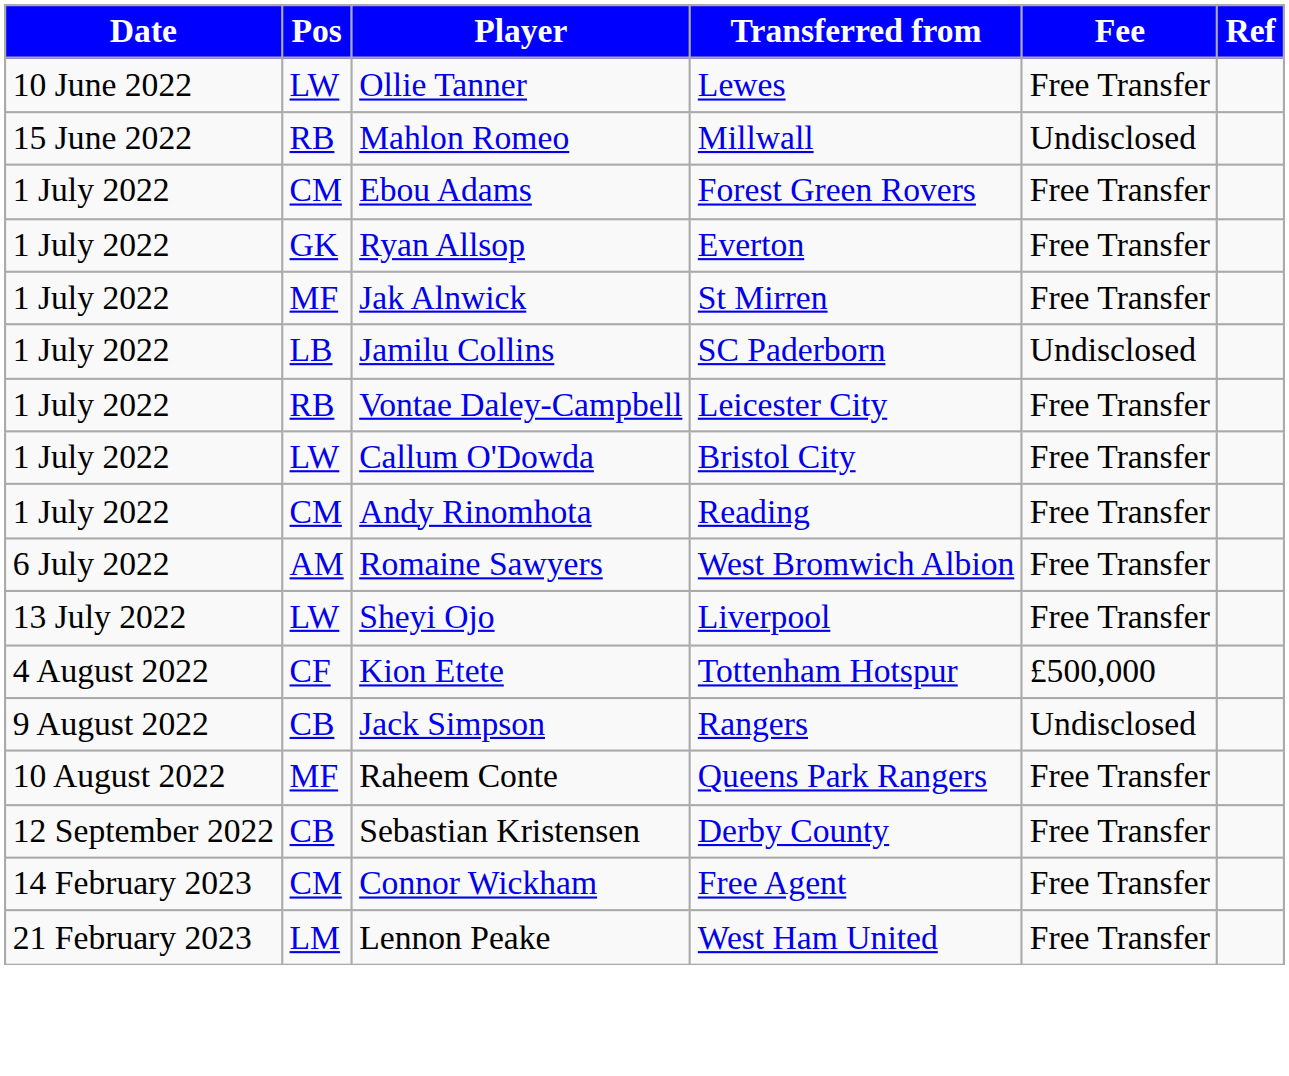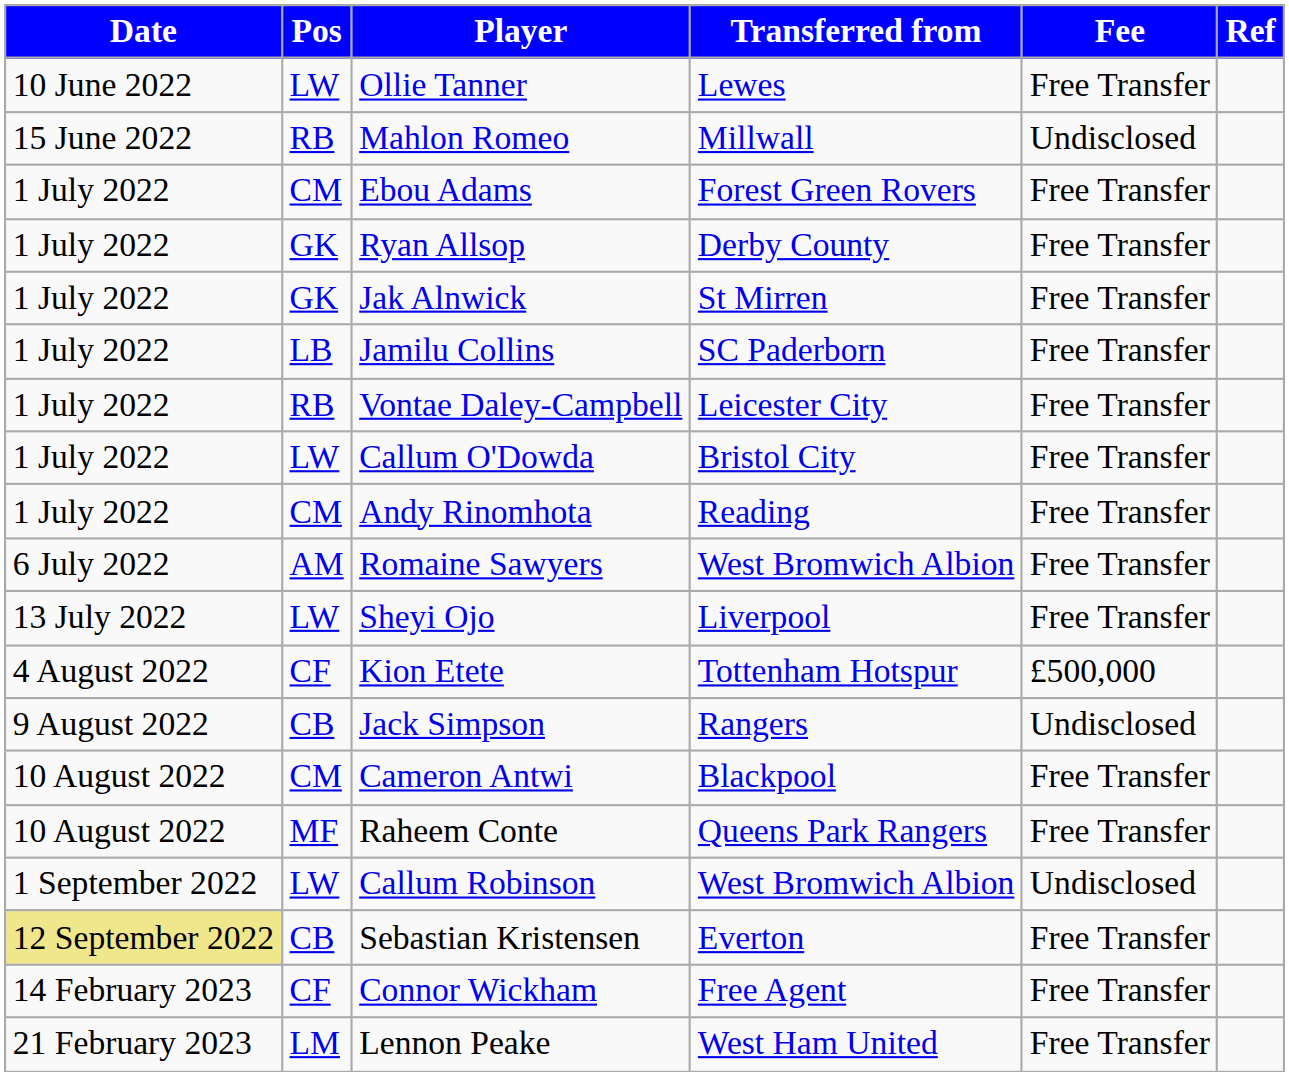 <table class="wikitable plainrowheaders sortable">
 <tr>
 <th style="background:#0000FF; color:#FFFFFF; ">Date</th>
 <th style="background:#0000FF; color:#FFFFFF; ">Pos</th>
 <th style="background:#0000FF; color:#FFFFFF; ">Player</th>
 <th style="background:#0000FF; color:#FFFFFF; ">Transferred from</th>
 <th style="background:#0000FF; color:#FFFFFF; ">Fee</th>
 <th style="background:#0000FF; color:#FFFFFF; ">Ref</th>
 </tr>
 <tr>
 <td>10 June 2022</td>
 <td><a href='#'>LW</a></td>
 <td> <a href='#'>Ollie Tanner</a></td>
 <td> <a href='#'>Lewes</a></td>
 <td>Free Transfer</td>
 <td></td>
 </tr>
 <tr>
 <td>15 June 2022</td>
 <td><a href='#'>RB</a></td>
 <td> <a href='#'>Mahlon Romeo</a></td>
 <td> <a href='#'>Millwall</a></td>
 <td>Undisclosed</td>
 <td></td>
 </tr>
 <tr>
 <td>1 July 2022</td>
 <td><a href='#'>CM</a></td>
 <td> <a href='#'>Ebou Adams</a></td>
 <td> <a href='#'>Forest Green Rovers</a></td>
 <td>Free Transfer</td>
 <td></td>
 </tr>
 <tr>
 <td>1 July 2022</td>
 <td><a href='#'>GK</a></td>
 <td> <a href='#'>Ryan Allsop</a></td>
-<td> <a href='#'>Everton</a></td>
+<td> <a href='#'>Derby County</a></td>
 <td>Free Transfer</td>
 <td></td>
 </tr>
 <tr>
 <td>1 July 2022</td>
-<td><a href='#'>MF</a></td>
+<td><a href='#'>GK</a></td>
 <td> <a href='#'>Jak Alnwick</a></td>
 <td> <a href='#'>St Mirren</a></td>
 <td>Free Transfer</td>
 <td></td>
 </tr>
 <tr>
 <td>1 July 2022</td>
 <td><a href='#'>LB</a></td>
 <td> <a href='#'>Jamilu Collins</a></td>
 <td> <a href='#'>SC Paderborn</a></td>
-<td>Undisclosed</td>
+<td>Free Transfer</td>
 <td></td>
 </tr>
 <tr>
 <td>1 July 2022</td>
 <td><a href='#'>RB</a></td>
 <td> <a href='#'>Vontae Daley-Campbell</a></td>
 <td> <a href='#'>Leicester City</a></td>
 <td>Free Transfer</td>
 <td></td>
 </tr>
 <tr>
 <td>1 July 2022</td>
 <td><a href='#'>LW</a></td>
 <td> <a href='#'>Callum O'Dowda</a></td>
 <td> <a href='#'>Bristol City</a></td>
 <td>Free Transfer</td>
 <td></td>
 </tr>
 <tr>
 <td>1 July 2022</td>
 <td><a href='#'>CM</a></td>
 <td> <a href='#'>Andy Rinomhota</a></td>
 <td> <a href='#'>Reading</a></td>
 <td>Free Transfer</td>
 <td></td>
 </tr>
 <tr>
 <td>6 July 2022</td>
 <td><a href='#'>AM</a></td>
 <td> <a href='#'>Romaine Sawyers</a></td>
 <td> <a href='#'>West Bromwich Albion</a></td>
 <td>Free Transfer</td>
 <td></td>
 </tr>
 <tr>
 <td>13 July 2022</td>
 <td><a href='#'>LW</a></td>
 <td> <a href='#'>Sheyi Ojo</a></td>
 <td> <a href='#'>Liverpool</a></td>
 <td>Free Transfer</td>
 <td></td>
 </tr>
 <tr>
 <td>4 August 2022</td>
 <td><a href='#'>CF</a></td>
 <td> <a href='#'>Kion Etete</a></td>
 <td> <a href='#'>Tottenham Hotspur</a></td>
 <td>£500,000</td>
 <td></td>
 </tr>
 <tr>
 <td>9 August 2022</td>
 <td><a href='#'>CB</a></td>
 <td> <a href='#'>Jack Simpson</a></td>
 <td> <a href='#'>Rangers</a></td>
 <td>Undisclosed</td>
 <td></td>
 </tr>
 <tr>
 <td>10 August 2022</td>
+<td><a href='#'>CM</a></td>
+<td> <a href='#'>Cameron Antwi</a></td>
+<td> <a href='#'>Blackpool</a></td>
+<td>Free Transfer</td>
+<td></td>
+</tr>
+<tr>
+<td>10 August 2022</td>
 <td><a href='#'>MF</a></td>
 <td> Raheem Conte</td>
 <td> <a href='#'>Queens Park Rangers</a></td>
 <td>Free Transfer</td>
 <td></td>
 </tr>
 <tr>
-<td>12 September 2022</td>
+<td>1 September 2022</td>
+<td><a href='#'>LW</a></td>
+<td> <a href='#'>Callum Robinson</a></td>
+<td> <a href='#'>West Bromwich Albion</a></td>
+<td>Undisclosed</td>
+<td></td>
+</tr>
+<tr>
+<td style="background: khaki;">12 September 2022</td>
 <td><a href='#'>CB</a></td>
 <td> Sebastian Kristensen</td>
-<td> <a href='#'>Derby County</a></td>
+<td> <a href='#'>Everton</a></td>
 <td>Free Transfer</td>
 <td></td>
 </tr>
 <tr>
 <td>14 February 2023</td>
-<td><a href='#'>CM</a></td>
+<td><a href='#'>CF</a></td>
 <td> <a href='#'>Connor Wickham</a></td>
 <td> <a href='#'>Free Agent</a></td>
 <td>Free Transfer</td>
 <td></td>
 </tr>
 <tr>
 <td>21 February 2023</td>
 <td><a href='#'>LM</a></td>
 <td> Lennon Peake</td>
 <td> <a href='#'>West Ham United</a></td>
 <td>Free Transfer</td>
 <td></td>
 </tr>
 </table>
